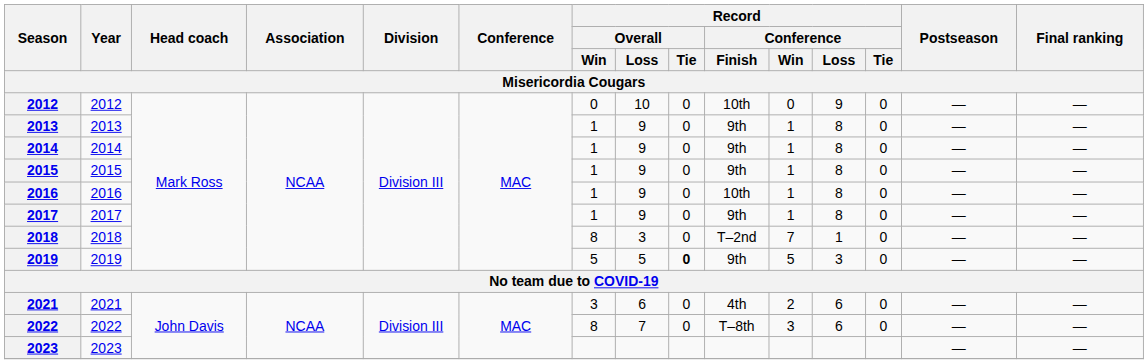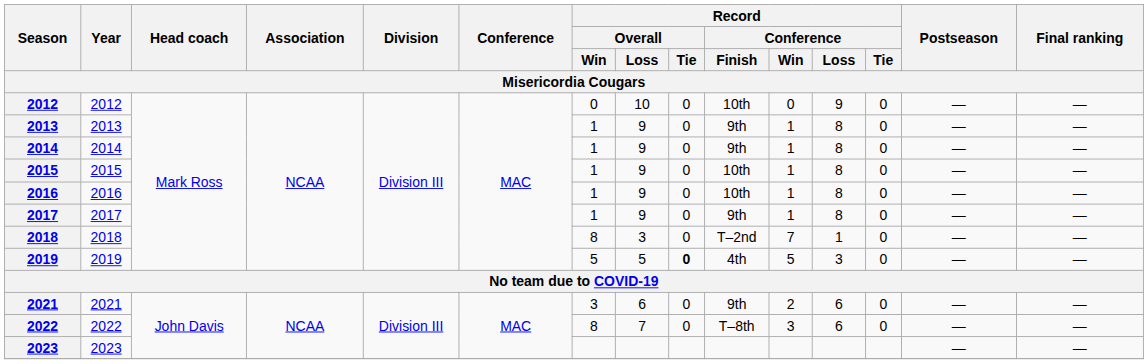 <table class="wikitable" style="font-size: 95%; width:98%;text-align:center;">
 <tr>
 <th rowspan="3">Season</th>
 <th rowspan="3">Year</th>
 <th rowspan="3">Head coach</th>
 <th rowspan="3">Association</th>
 <th rowspan="3">Division</th>
 <th rowspan="3">Conference</th>
 <th colspan="7">Record</th>
 <th rowspan="3">Postseason</th>
 <th rowspan="3">Final ranking</th>
 </tr>
 <tr>
 <th colspan="3">Overall</th>
 <th colspan="4">Conference</th>
 </tr>
 <tr>
 <th>Win</th>
 <th>Loss</th>
 <th>Tie</th>
 <th>Finish</th>
 <th>Win</th>
 <th>Loss</th>
 <th>Tie</th>
 </tr>
 <tr>
 <th colspan="15">Misericordia Cougars</th>
 </tr>
 <tr>
 <th><a href='#'>2012</a></th>
 <td><a href='#'>2012</a></td>
 <td rowspan="8"><a href='#'>Mark Ross</a></td>
 <td rowspan="8"><a href='#'>NCAA</a></td>
 <td rowspan="8"><a href='#'>Division III</a></td>
 <td rowspan="8"><a href='#'>MAC</a></td>
 <td>0</td>
 <td rowspan="1">10</td>
 <td rowspan="1">0</td>
 <td rowspan="1">10th</td>
 <td rowspan="1">0</td>
 <td rowspan="1">9</td>
 <td rowspan="1">0</td>
 <td>—</td>
 <td>—</td>
 </tr>
 <tr>
 <th><a href='#'>2013</a></th>
 <td><a href='#'>2013</a></td>
 <td>1</td>
 <td>9</td>
 <td>0</td>
 <td>9th</td>
 <td>1</td>
 <td>8</td>
 <td>0</td>
 <td>—</td>
 <td>—</td>
 </tr>
 <tr>
 <th><a href='#'>2014</a></th>
 <td><a href='#'>2014</a></td>
 <td rowspan="1">1</td>
 <td rowspan="1">9</td>
 <td rowspan="1">0</td>
 <td rowspan="1">9th</td>
 <td rowspan="1">1</td>
 <td rowspan="1">8</td>
 <td rowspan="1">0</td>
 <td>—</td>
 <td>—</td>
 </tr>
 <tr>
 <th><a href='#'>2015</a></th>
 <td><a href='#'>2015</a></td>
 <td rowspan="1">1</td>
 <td rowspan="1">9</td>
 <td rowspan="1">0</td>
-<td>9th</td>
+<td rowspan="1">10th</td>
 <td rowspan="1">1</td>
 <td rowspan="1">8</td>
 <td rowspan="1">0</td>
 <td>—</td>
 <td>—</td>
 </tr>
 <tr>
 <th><a href='#'>2016</a></th>
 <td><a href='#'>2016</a></td>
 <td rowspan="1">1</td>
 <td rowspan="1">9</td>
 <td rowspan="1">0</td>
 <td rowspan="1">10th</td>
 <td rowspan="1">1</td>
 <td rowspan="1">8</td>
 <td rowspan="1">0</td>
 <td>—</td>
 <td>—</td>
 </tr>
 <tr>
 <th><a href='#'>2017</a></th>
 <td><a href='#'>2017</a></td>
 <td rowspan="1">1</td>
 <td rowspan="1">9</td>
 <td rowspan="1">0</td>
 <td rowspan="1">9th</td>
 <td rowspan="1">1</td>
 <td rowspan="1">8</td>
 <td rowspan="1">0</td>
 <td>—</td>
 <td>—</td>
 </tr>
 <tr>
 <th><a href='#'>2018</a></th>
 <td><a href='#'>2018</a></td>
 <td rowspan="1">8</td>
 <td rowspan="1">3</td>
 <td rowspan="1">0</td>
 <td rowspan="1">T–2nd</td>
 <td rowspan="1">7</td>
 <td rowspan="1">1</td>
 <td rowspan="1">0</td>
 <td>—</td>
 <td>—</td>
 </tr>
 <tr>
 <th><a href='#'>2019</a></th>
 <td><a href='#'>2019</a></td>
 <td>5</td>
 <td>5</td>
 <td><strong>0</strong></td>
-<td rowspan="1">9th</td>
+<td>4th</td>
 <td>5</td>
 <td>3</td>
 <td>0</td>
 <td>—</td>
 <td>—</td>
 </tr>
 <tr>
 <th colspan="15">No team due to <a href='#'>COVID-19</a></th>
 </tr>
 <tr>
 <th><a href='#'>2021</a></th>
 <td><a href='#'>2021</a></td>
 <td rowspan="3"><a href='#'>John Davis</a></td>
 <td rowspan="3"><a href='#'>NCAA</a></td>
 <td rowspan="3"><a href='#'>Division III</a></td>
 <td rowspan="3"><a href='#'>MAC</a></td>
 <td rowspan="1">3</td>
 <td rowspan="1">6</td>
 <td rowspan="1">0</td>
-<td>4th</td>
+<td rowspan="1">9th</td>
 <td rowspan="1">2</td>
 <td rowspan="1">6</td>
 <td rowspan="1">0</td>
 <td>—</td>
 <td>—</td>
 </tr>
 <tr>
 <th><a href='#'>2022</a></th>
 <td><a href='#'>2022</a></td>
 <td rowspan="1">8</td>
 <td rowspan="1">7</td>
 <td rowspan="1">0</td>
 <td rowspan="1">T–8th</td>
 <td rowspan="1">3</td>
 <td rowspan="1">6</td>
 <td rowspan="1">0</td>
 <td>—</td>
 <td>—</td>
 </tr>
 <tr>
 <th><a href='#'>2023</a></th>
 <td><a href='#'>2023</a></td>
 <td></td>
 <td></td>
 <td></td>
 <td></td>
 <td></td>
 <td></td>
 <td></td>
 <td>—</td>
 <td>—</td>
 </tr>
 <tr>
 </tr>
 </table>
